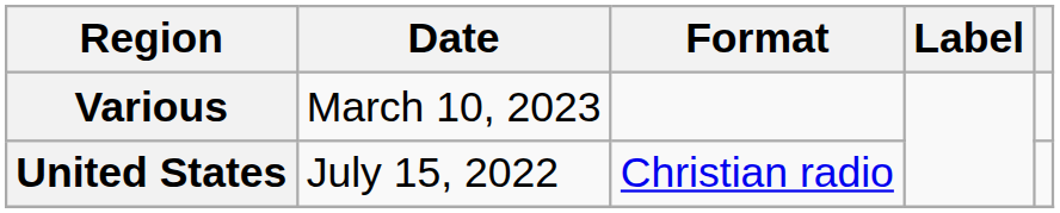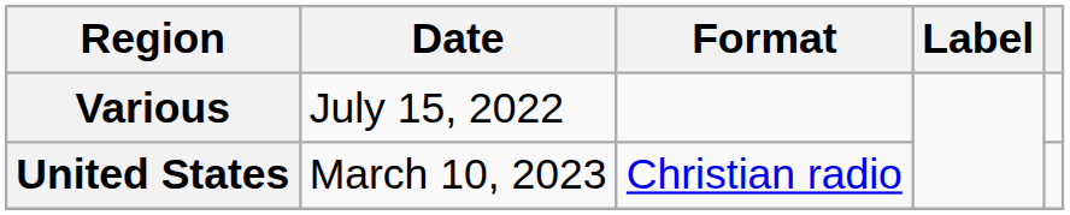 <table class="wikitable plainrowheaders">
 <tr>
 <th scope="col">Region</th>
 <th scope="col">Date</th>
 <th scope="col">Format</th>
 <th scope="col">Label</th>
 <th scope="col"></th>
 </tr>
 <tr>
 <th scope="row">Various</th>
-<td>March 10, 2023</td>
+<td>July 15, 2022</td>
 <td></td>
 <td rowspan="2"></td>
 <td></td>
 </tr>
 <tr>
 <th scope="row">United States</th>
-<td>July 15, 2022</td>
+<td>March 10, 2023</td>
 <td><a href='#'>Christian radio</a></td>
 <td></td>
 </tr>
 <tr>
 </tr>
 </table>
